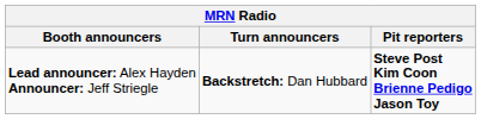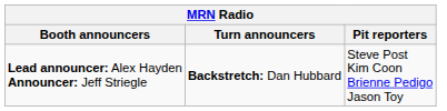 <table class="wikitable" style="font-size: 95%">
 <tr>
 <th colspan="3"><a href='#'>MRN</a> Radio</th>
 </tr>
 <tr>
 <th>Booth announcers</th>
 <th>Turn announcers</th>
 <th>Pit reporters</th>
 </tr>
 <tr>
 <td><strong>Lead announcer:</strong> Alex Hayden<br><strong>Announcer:</strong> Jeff Striegle</td>
 <td><strong>Backstretch:</strong> Dan Hubbard</td>
-<td><strong>Steve Post<br>Kim Coon<br><a href='#'>Brienne Pedigo</a><br>Jason Toy</strong></td>
+<td>Steve Post<br>Kim Coon<br><a href='#'>Brienne Pedigo</a><br>Jason Toy</td>
 </tr>
 </table>
